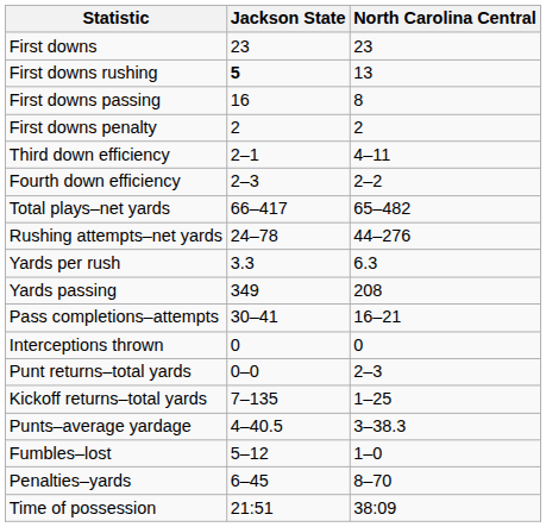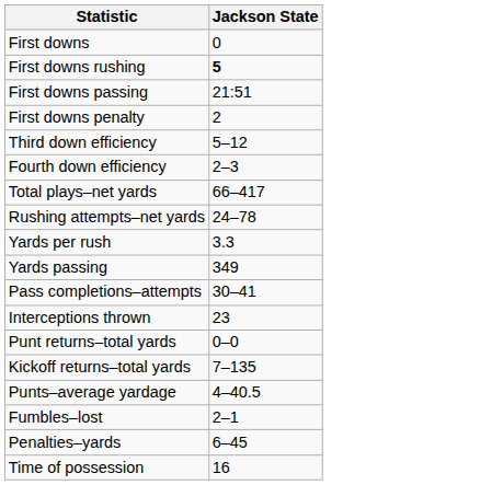 <table class="wikitable">
 <tr>
 <th>Statistic</th>
 <th><strong>Jackson State</strong></th>
-<th><strong>North Carolina Central</strong></th>
 </tr>
 <tr>
 <td>First downs</td>
-<td>23</td>
-<td>23</td>
+<td>0</td>
 </tr>
 <tr>
 <td>First downs rushing</td>
 <td><strong>5</strong></td>
-<td>13</td>
 </tr>
 <tr>
 <td>First downs passing</td>
-<td>16</td>
-<td>8</td>
+<td>21:51</td>
 </tr>
 <tr>
 <td>First downs penalty</td>
 <td>2</td>
-<td>2</td>
 </tr>
 <tr>
 <td>Third down efficiency</td>
-<td>2–1</td>
-<td>4–11</td>
+<td>5–12</td>
 </tr>
 <tr>
 <td>Fourth down efficiency</td>
 <td>2–3</td>
-<td>2–2</td>
 </tr>
 <tr>
 <td>Total plays–net yards</td>
 <td>66–417</td>
-<td>65–482</td>
 </tr>
 <tr>
 <td>Rushing attempts–net yards</td>
 <td>24–78</td>
-<td>44–276</td>
 </tr>
 <tr>
 <td>Yards per rush</td>
 <td>3.3</td>
-<td>6.3</td>
 </tr>
 <tr>
 <td>Yards passing</td>
 <td>349</td>
-<td>208</td>
 </tr>
 <tr>
 <td>Pass completions–attempts</td>
 <td>30–41</td>
-<td>16–21</td>
 </tr>
 <tr>
 <td>Interceptions thrown</td>
-<td>0</td>
-<td>0</td>
+<td>23</td>
 </tr>
 <tr>
 <td>Punt returns–total yards</td>
 <td>0–0</td>
-<td>2–3</td>
 </tr>
 <tr>
 <td>Kickoff returns–total yards</td>
 <td>7–135</td>
-<td>1–25</td>
 </tr>
 <tr>
 <td>Punts–average yardage</td>
 <td>4–40.5</td>
-<td>3–38.3</td>
 </tr>
 <tr>
 <td>Fumbles–lost</td>
-<td>5–12</td>
-<td>1–0</td>
+<td>2–1</td>
 </tr>
 <tr>
 <td>Penalties–yards</td>
 <td>6–45</td>
-<td>8–70</td>
 </tr>
 <tr>
 <td>Time of possession</td>
-<td>21:51</td>
-<td>38:09</td>
+<td>16</td>
 </tr>
 </table>
